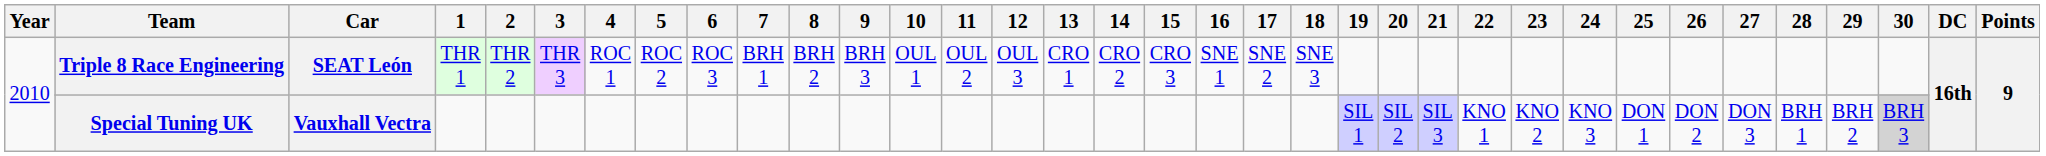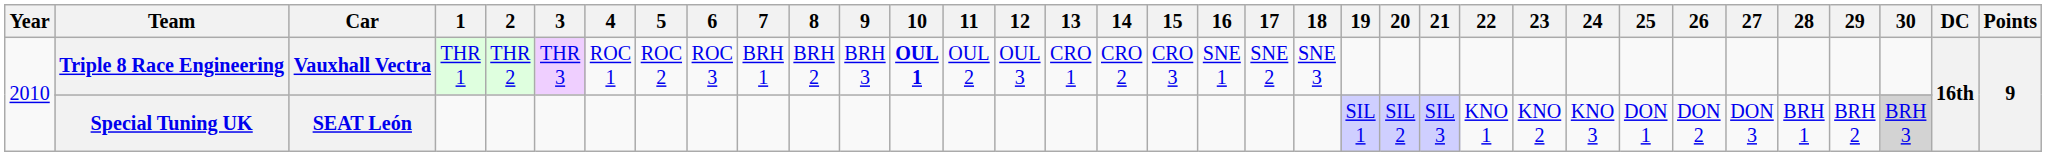 <table class="wikitable" style="text-align:center; font-size:85%">
 <tr>
 <th>Year</th>
 <th>Team</th>
 <th>Car</th>
 <th>1</th>
 <th>2</th>
 <th>3</th>
 <th>4</th>
 <th>5</th>
 <th>6</th>
 <th>7</th>
 <th>8</th>
 <th>9</th>
 <th>10</th>
 <th>11</th>
 <th>12</th>
 <th>13</th>
 <th>14</th>
 <th>15</th>
 <th>16</th>
 <th>17</th>
 <th>18</th>
 <th>19</th>
 <th>20</th>
 <th>21</th>
 <th>22</th>
 <th>23</th>
 <th>24</th>
 <th>25</th>
 <th>26</th>
 <th>27</th>
 <th>28</th>
 <th>29</th>
 <th>30</th>
 <th>DC</th>
 <th>Points</th>
 </tr>
 <tr>
 <td rowspan="2"><a href='#'>2010</a></td>
 <th nowrap><a href='#'>Triple 8 Race Engineering</a></th>
-<th nowrap><a href='#'>SEAT León</a></th>
+<th nowrap><a href='#'>Vauxhall Vectra</a></th>
 <td style="background:#DFFFDF;"><a href='#'>THR<br>1</a><br></td>
 <td style="background:#DFFFDF;"><a href='#'>THR<br>2</a><br></td>
 <td style="background:#EFCFFF;"><a href='#'>THR<br>3</a><br></td>
 <td><a href='#'>ROC<br>1</a></td>
 <td><a href='#'>ROC<br>2</a></td>
 <td><a href='#'>ROC<br>3</a></td>
 <td><a href='#'>BRH<br>1</a></td>
 <td><a href='#'>BRH<br>2</a></td>
 <td><a href='#'>BRH<br>3</a></td>
-<td><a href='#'>OUL<br>1</a></td>
+<td><strong><a href='#'>OUL<br>1</a></strong></td>
 <td><a href='#'>OUL<br>2</a></td>
 <td><a href='#'>OUL<br>3</a></td>
 <td><a href='#'>CRO<br>1</a></td>
 <td><a href='#'>CRO<br>2</a></td>
 <td><a href='#'>CRO<br>3</a></td>
 <td><a href='#'>SNE<br>1</a></td>
 <td><a href='#'>SNE<br>2</a></td>
 <td><a href='#'>SNE<br>3</a></td>
 <td></td>
 <td></td>
 <td></td>
 <td></td>
 <td></td>
 <td></td>
 <td></td>
 <td></td>
 <td></td>
 <td></td>
 <td></td>
 <td></td>
 <th rowspan="2">16th</th>
 <th rowspan="2">9</th>
 </tr>
 <tr>
 <th nowrap><a href='#'>Special Tuning UK</a></th>
-<th nowrap><a href='#'>Vauxhall Vectra</a></th>
+<th nowrap><a href='#'>SEAT León</a></th>
 <td></td>
 <td></td>
 <td></td>
 <td></td>
 <td></td>
 <td></td>
 <td></td>
 <td></td>
 <td></td>
 <td></td>
 <td></td>
 <td></td>
 <td></td>
 <td></td>
 <td></td>
 <td></td>
 <td></td>
 <td></td>
 <td style="background:#CFCFFF;"><a href='#'>SIL<br>1</a><br></td>
 <td style="background:#CFCFFF;"><a href='#'>SIL<br>2</a><br></td>
 <td style="background:#CFCFFF;"><a href='#'>SIL<br>3</a><br></td>
 <td><a href='#'>KNO<br>1</a></td>
 <td><a href='#'>KNO<br>2</a></td>
 <td><a href='#'>KNO<br>3</a></td>
 <td><a href='#'>DON<br>1</a></td>
 <td><a href='#'>DON<br>2</a></td>
 <td><a href='#'>DON<br>3</a></td>
 <td><a href='#'>BRH<br>1</a></td>
 <td><a href='#'>BRH<br>2</a></td>
 <td style="background: lightgrey;"><a href='#'>BRH<br>3</a></td>
 </tr>
 </table>
